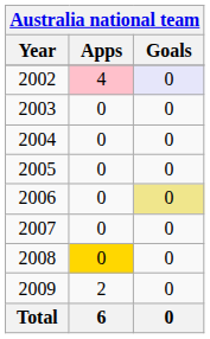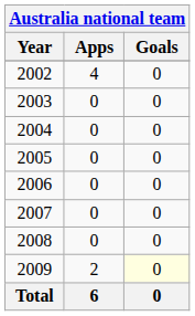 <table class="wikitable" style="text-align:center">
 <tr>
 <th colspan=3><a href='#'>Australia national team</a></th>
 </tr>
 <tr>
 <th>Year</th>
 <th>Apps</th>
 <th>Goals</th>
 </tr>
 <tr>
 </tr>
 <tr>
 <td>2002</td>
-<td style="background: pink;">4</td>
-<td style="background: lavender;">0</td>
+<td>4</td>
+<td>0</td>
 </tr>
 <tr>
 <td>2003</td>
 <td>0</td>
 <td>0</td>
 </tr>
 <tr>
 <td>2004</td>
 <td>0</td>
 <td>0</td>
 </tr>
 <tr>
 <td>2005</td>
 <td>0</td>
 <td>0</td>
 </tr>
 <tr>
 <td>2006</td>
 <td>0</td>
-<td style="background: khaki;">0</td>
+<td>0</td>
 </tr>
 <tr>
 <td>2007</td>
 <td>0</td>
 <td>0</td>
 </tr>
 <tr>
 <td>2008</td>
-<td style="background: gold;">0</td>
+<td>0</td>
 <td>0</td>
 </tr>
 <tr>
 <td>2009</td>
 <td>2</td>
-<td>0</td>
+<td style="background: lightyellow;">0</td>
 </tr>
 <tr>
 <th>Total</th>
 <th>6</th>
 <th>0</th>
 </tr>
 </table>
